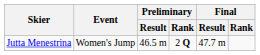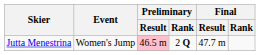 <table class="wikitable">
 <tr>
 <th rowspan=2>Skier</th>
 <th rowspan=2>Event</th>
 <th colspan=2>Preliminary</th>
 <th colspan=2>Final</th>
 </tr>
 <tr>
 <th>Result</th>
 <th>Rank</th>
 <th>Result</th>
 <th>Rank</th>
 </tr>
 <tr align=center>
 <td align=left><a href='#'>Jutta Menestrina</a></td>
 <td align=left>Women's Jump</td>
-<td>46.5 m</td>
+<td style="background: pink;">46.5 m</td>
 <td>2 <strong>Q</strong></td>
 <td>47.7 m</td>
 <td></td>
 </tr>
 </table>
